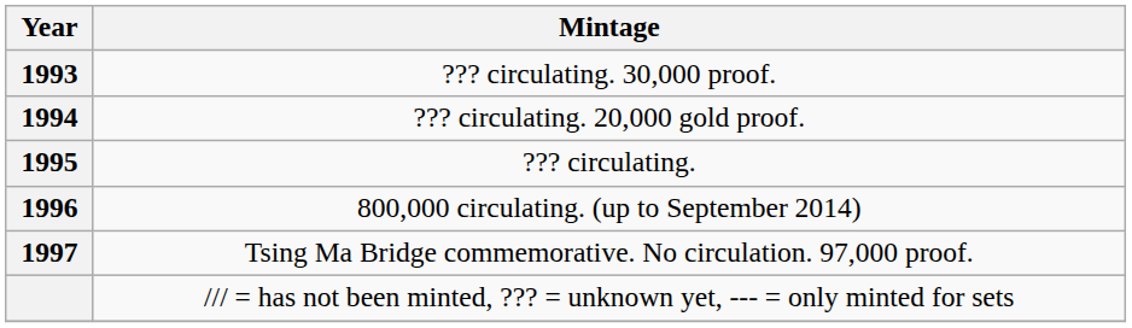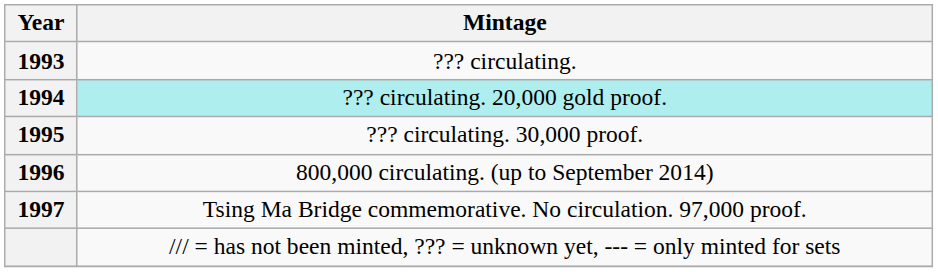 <table class="wikitable" style="width:50%;text-align:center">
 <tr>
 <th>Year </th>
 <th>Mintage</th>
 </tr>
 <tr>
 <th>1993</th>
-<td>??? circulating. 30,000 proof.</td>
+<td>??? circulating.</td>
 </tr>
 <tr>
 <th>1994</th>
-<td>??? circulating. 20,000 gold proof.</td>
+<td style="background: paleturquoise;">??? circulating. 20,000 gold proof.</td>
 </tr>
 <tr>
 <th>1995</th>
-<td>??? circulating.</td>
+<td>??? circulating. 30,000 proof.</td>
 </tr>
 <tr>
 <th>1996</th>
 <td>800,000 circulating. (up to September 2014)</td>
 </tr>
 <tr>
 <th>1997</th>
 <td>Tsing Ma Bridge commemorative. No circulation. 97,000 proof.</td>
 </tr>
 <tr>
 <th></th>
 <td>/// = has not been minted, ??? = unknown yet, --- = only minted for sets</td>
 </tr>
 <tr>
 </tr>
 </table>
